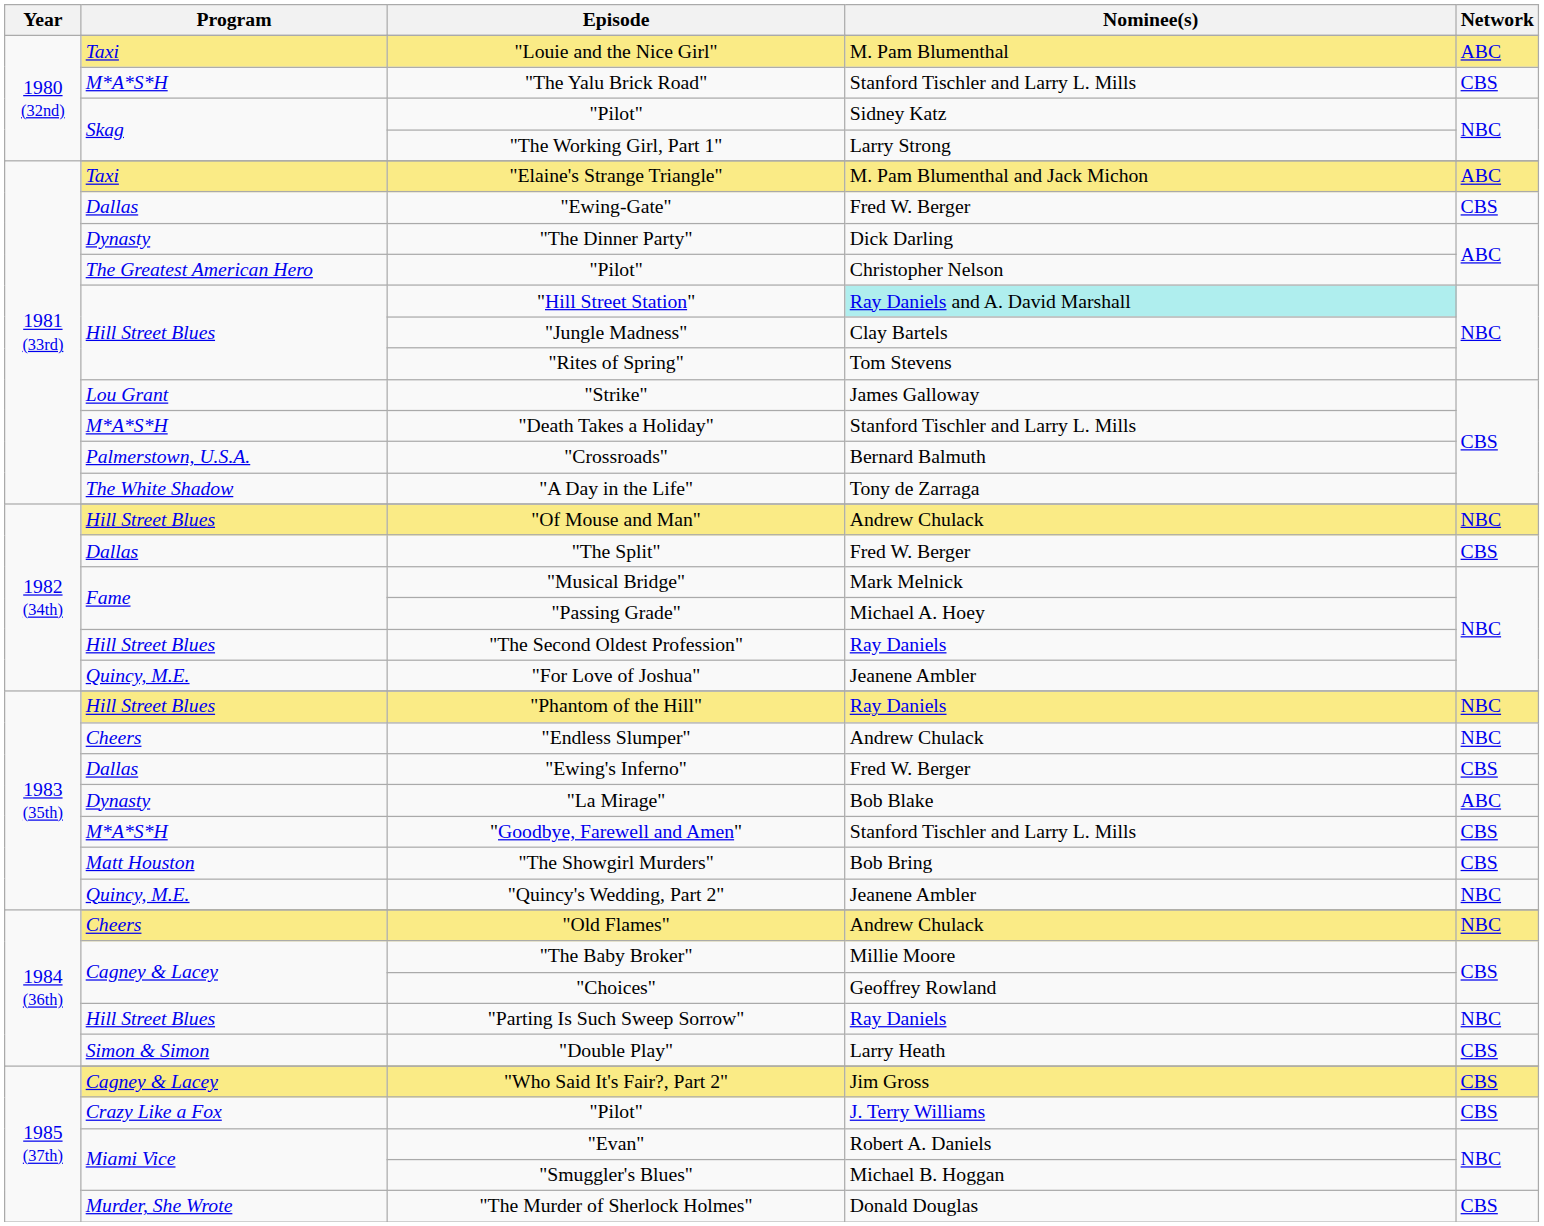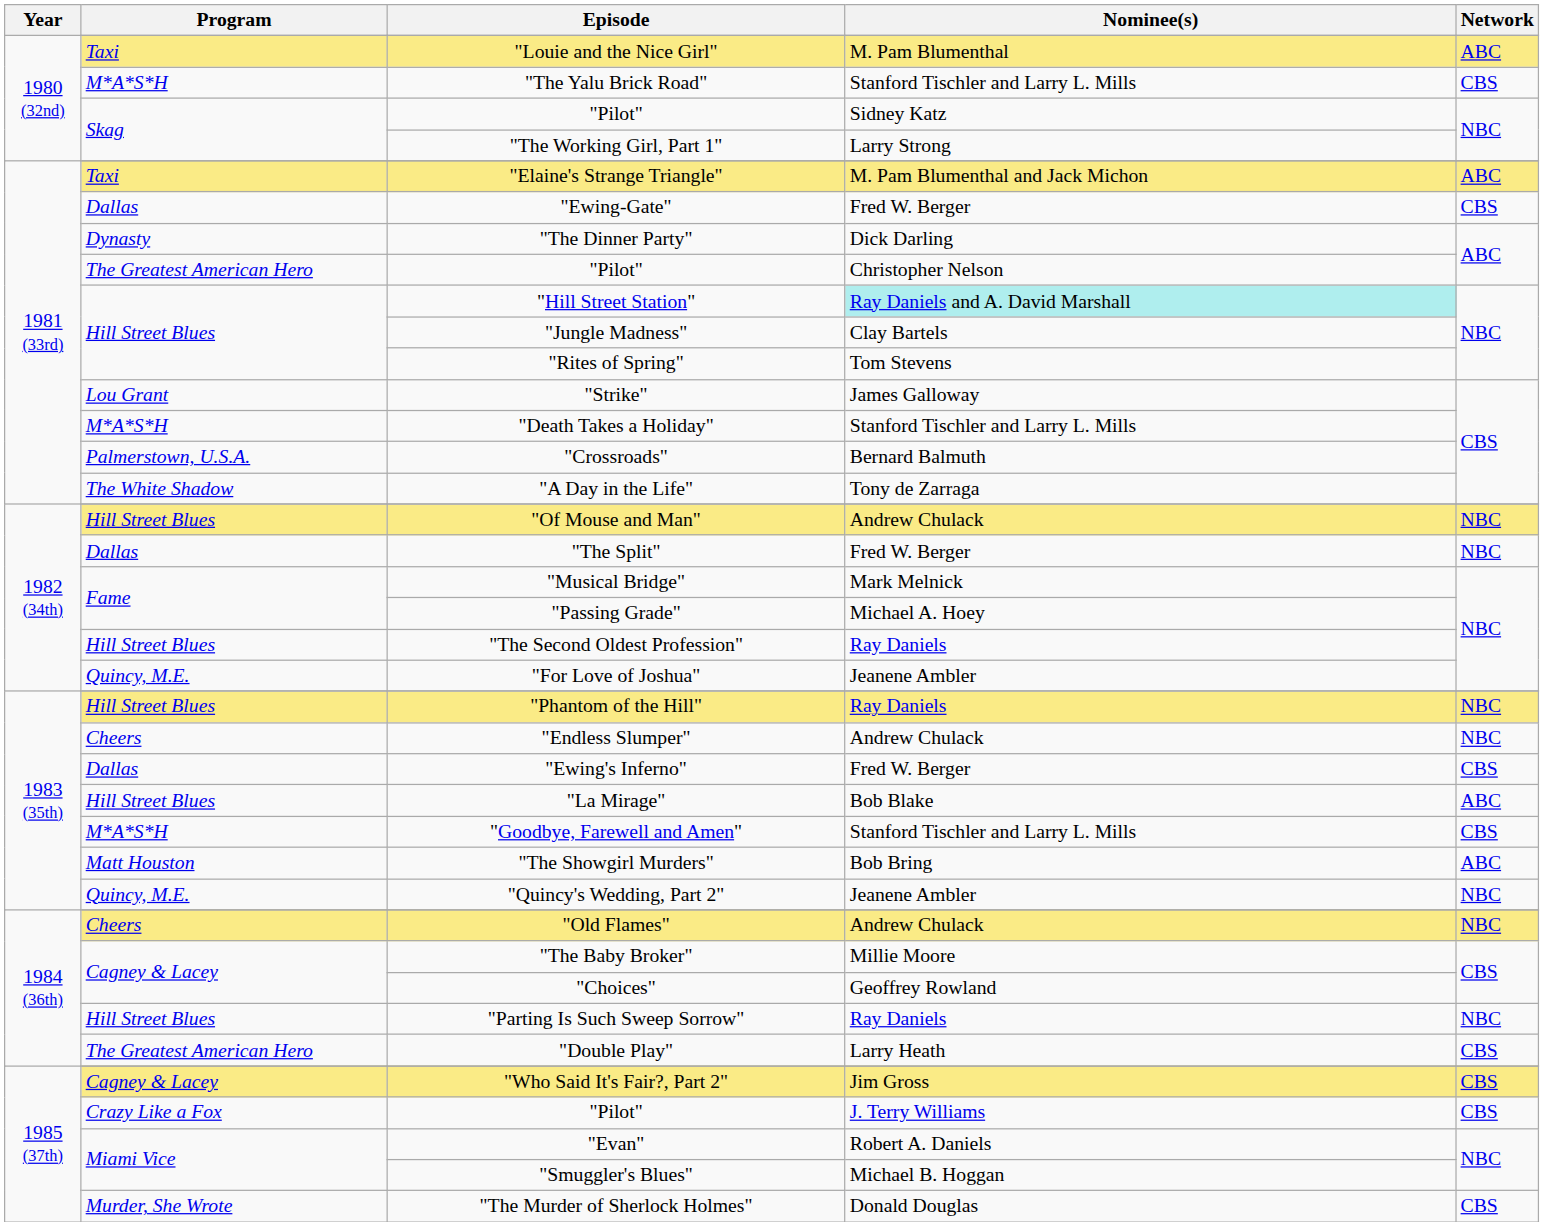 <table class="wikitable">
 <tr>
 <th width="5%">Year</th>
 <th width="20%">Program</th>
 <th width="30%">Episode</th>
 <th width="40%">Nominee(s)</th>
 <th width="5%">Network</th>
 </tr>
 <tr>
 <td rowspan=5 style="text-align:center;"><a href='#'>1980</a><br><small><a href='#'>(32nd)</a></small><br></td>
 </tr>
 <tr style="background:#FAEB86;">
 <td><em><a href='#'>Taxi</a></em></td>
 <td align=center>"Louie and the Nice Girl"</td>
 <td>M. Pam Blumenthal</td>
 <td><a href='#'>ABC</a></td>
 </tr>
 <tr>
 <td><em><a href='#'>M*A*S*H</a></em></td>
 <td align=center>"The Yalu Brick Road"</td>
 <td>Stanford Tischler and Larry L. Mills</td>
 <td><a href='#'>CBS</a></td>
 </tr>
 <tr>
 <td rowspan=2><em><a href='#'>Skag</a></em></td>
 <td align=center>"Pilot"</td>
 <td>Sidney Katz</td>
 <td rowspan=2><a href='#'>NBC</a></td>
 </tr>
 <tr>
 <td align=center>"The Working Girl, Part 1"</td>
 <td>Larry Strong</td>
 </tr>
 <tr>
 <td rowspan=12 style="text-align:center;"><a href='#'>1981</a><br><small><a href='#'>(33rd)</a></small><br></td>
 </tr>
 <tr style="background:#FAEB86;">
 <td><em><a href='#'>Taxi</a></em></td>
 <td align=center>"Elaine's Strange Triangle"</td>
 <td>M. Pam Blumenthal and Jack Michon</td>
 <td><a href='#'>ABC</a></td>
 </tr>
 <tr>
 <td><em><a href='#'>Dallas</a></em></td>
 <td align=center>"Ewing-Gate"</td>
 <td>Fred W. Berger</td>
 <td><a href='#'>CBS</a></td>
 </tr>
 <tr>
 <td><em><a href='#'>Dynasty</a></em></td>
 <td align=center>"The Dinner Party"</td>
 <td>Dick Darling</td>
 <td rowspan=2><a href='#'>ABC</a></td>
 </tr>
 <tr>
 <td><em><a href='#'>The Greatest American Hero</a></em></td>
 <td align=center>"Pilot"</td>
 <td>Christopher Nelson</td>
 </tr>
 <tr>
 <td rowspan=3><em><a href='#'>Hill Street Blues</a></em></td>
 <td align=center>"<a href='#'>Hill Street Station</a>"</td>
 <td style="background: paleturquoise;"><a href='#'>Ray Daniels</a> and A. David Marshall</td>
 <td rowspan=3><a href='#'>NBC</a></td>
 </tr>
 <tr>
 <td align=center>"Jungle Madness"</td>
 <td>Clay Bartels</td>
 </tr>
 <tr>
 <td align=center>"Rites of Spring"</td>
 <td>Tom Stevens</td>
 </tr>
 <tr>
 <td><em><a href='#'>Lou Grant</a></em></td>
 <td align=center>"Strike"</td>
 <td>James Galloway</td>
 <td rowspan=4><a href='#'>CBS</a></td>
 </tr>
 <tr>
 <td><em><a href='#'>M*A*S*H</a></em></td>
 <td align=center>"Death Takes a Holiday"</td>
 <td>Stanford Tischler and Larry L. Mills</td>
 </tr>
 <tr>
 <td><em><a href='#'>Palmerstown, U.S.A.</a></em></td>
 <td align=center>"Crossroads"</td>
 <td>Bernard Balmuth</td>
 </tr>
 <tr>
 <td><em><a href='#'>The White Shadow</a></em></td>
 <td align=center>"A Day in the Life"</td>
 <td>Tony de Zarraga</td>
 </tr>
 <tr>
 <td rowspan=7 style="text-align:center;"><a href='#'>1982</a><br><small><a href='#'>(34th)</a></small><br></td>
 </tr>
 <tr style="background:#FAEB86;">
 <td><em><a href='#'>Hill Street Blues</a></em></td>
 <td align=center>"Of Mouse and Man"</td>
 <td>Andrew Chulack</td>
 <td><a href='#'>NBC</a></td>
 </tr>
 <tr>
 <td><em><a href='#'>Dallas</a></em></td>
 <td align=center>"The Split"</td>
 <td>Fred W. Berger</td>
-<td><a href='#'>CBS</a></td>
+<td><a href='#'>NBC</a></td>
 </tr>
 <tr>
 <td rowspan=2><em><a href='#'>Fame</a></em></td>
 <td align=center>"Musical Bridge"</td>
 <td>Mark Melnick</td>
 <td rowspan=4><a href='#'>NBC</a></td>
 </tr>
 <tr>
 <td align=center>"Passing Grade"</td>
 <td>Michael A. Hoey</td>
 </tr>
 <tr>
 <td><em><a href='#'>Hill Street Blues</a></em></td>
 <td align=center>"The Second Oldest Profession"</td>
 <td><a href='#'>Ray Daniels</a></td>
 </tr>
 <tr>
 <td><em><a href='#'>Quincy, M.E.</a></em></td>
 <td align=center>"For Love of Joshua"</td>
 <td>Jeanene Ambler</td>
 </tr>
 <tr>
 <td rowspan=8 style="text-align:center;"><a href='#'>1983</a><br><small><a href='#'>(35th)</a></small><br></td>
 </tr>
 <tr style="background:#FAEB86;">
 <td><em><a href='#'>Hill Street Blues</a></em></td>
 <td align=center>"Phantom of the Hill"</td>
 <td><a href='#'>Ray Daniels</a></td>
 <td><a href='#'>NBC</a></td>
 </tr>
 <tr>
 <td><em><a href='#'>Cheers</a></em></td>
 <td align=center>"Endless Slumper"</td>
 <td>Andrew Chulack</td>
 <td><a href='#'>NBC</a></td>
 </tr>
 <tr>
 <td><em><a href='#'>Dallas</a></em></td>
 <td align=center>"Ewing's Inferno"</td>
 <td>Fred W. Berger</td>
 <td><a href='#'>CBS</a></td>
 </tr>
 <tr>
-<td><em><a href='#'>Dynasty</a></em></td>
+<td><em><a href='#'>Hill Street Blues</a></em></td>
 <td align=center>"La Mirage"</td>
 <td>Bob Blake</td>
 <td><a href='#'>ABC</a></td>
 </tr>
 <tr>
 <td><em><a href='#'>M*A*S*H</a></em></td>
 <td align=center>"<a href='#'>Goodbye, Farewell and Amen</a>"</td>
 <td>Stanford Tischler and Larry L. Mills</td>
 <td><a href='#'>CBS</a></td>
 </tr>
 <tr>
 <td><em><a href='#'>Matt Houston</a></em></td>
 <td align=center>"The Showgirl Murders"</td>
 <td>Bob Bring</td>
-<td><a href='#'>CBS</a></td>
+<td><a href='#'>ABC</a></td>
 </tr>
 <tr>
 <td><em><a href='#'>Quincy, M.E.</a></em></td>
 <td align=center>"Quincy's Wedding, Part 2"</td>
 <td>Jeanene Ambler</td>
 <td><a href='#'>NBC</a></td>
 </tr>
 <tr>
 <td rowspan=6 style="text-align:center;"><a href='#'>1984</a><br><small><a href='#'>(36th)</a></small><br></td>
 </tr>
 <tr style="background:#FAEB86;">
 <td><em><a href='#'>Cheers</a></em></td>
 <td align=center>"Old Flames"</td>
 <td>Andrew Chulack</td>
 <td><a href='#'>NBC</a></td>
 </tr>
 <tr>
 <td rowspan=2><em><a href='#'>Cagney & Lacey</a></em></td>
 <td align=center>"The Baby Broker"</td>
 <td>Millie Moore</td>
 <td rowspan=2><a href='#'>CBS</a></td>
 </tr>
 <tr>
 <td align=center>"Choices"</td>
 <td>Geoffrey Rowland</td>
 </tr>
 <tr>
 <td><em><a href='#'>Hill Street Blues</a></em></td>
 <td align=center>"Parting Is Such Sweep Sorrow"</td>
 <td><a href='#'>Ray Daniels</a></td>
 <td><a href='#'>NBC</a></td>
 </tr>
 <tr>
-<td><em><a href='#'>Simon & Simon</a></em></td>
+<td><em><a href='#'>The Greatest American Hero</a></em></td>
 <td align=center>"Double Play"</td>
 <td>Larry Heath</td>
 <td><a href='#'>CBS</a></td>
 </tr>
 <tr>
 <td rowspan=6 style="text-align:center;"><a href='#'>1985</a><br><small><a href='#'>(37th)</a></small><br></td>
 </tr>
 <tr style="background:#FAEB86;">
 <td><em><a href='#'>Cagney & Lacey</a></em></td>
 <td align=center>"Who Said It's Fair?, Part 2"</td>
 <td>Jim Gross</td>
 <td><a href='#'>CBS</a></td>
 </tr>
 <tr>
 <td><em><a href='#'>Crazy Like a Fox</a></em></td>
 <td align=center>"Pilot"</td>
 <td><a href='#'>J. Terry Williams</a></td>
 <td><a href='#'>CBS</a></td>
 </tr>
 <tr>
 <td rowspan=2><em><a href='#'>Miami Vice</a></em></td>
 <td align=center>"Evan"</td>
 <td>Robert A. Daniels</td>
 <td rowspan=2><a href='#'>NBC</a></td>
 </tr>
 <tr>
 <td align=center>"Smuggler's Blues"</td>
 <td>Michael B. Hoggan</td>
 </tr>
 <tr>
 <td><em><a href='#'>Murder, She Wrote</a></em></td>
 <td align=center>"The Murder of Sherlock Holmes"</td>
 <td>Donald Douglas</td>
 <td><a href='#'>CBS</a></td>
 </tr>
 <tr>
 </tr>
 </table>
